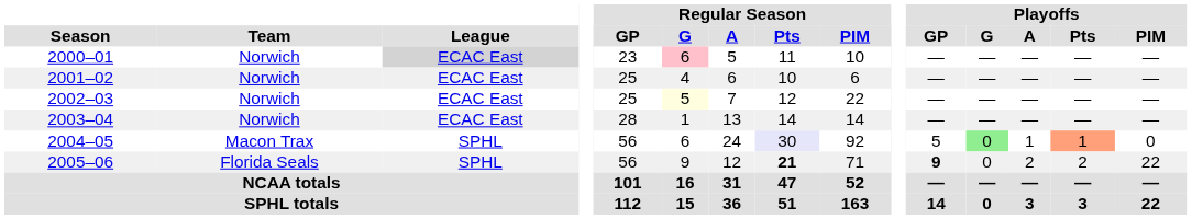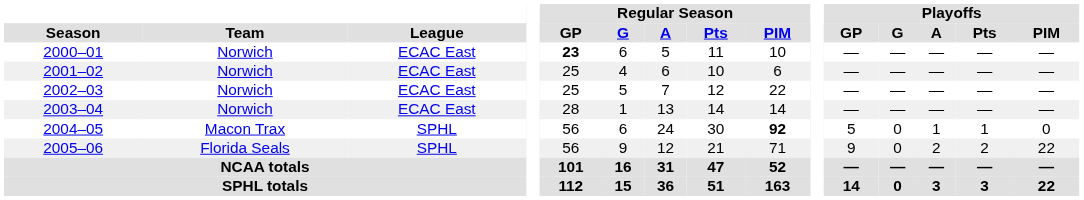 <table border="0" cellpadding="1" cellspacing="0" style="text-align:center; width:70em">
 <tr bgcolor="#e0e0e0">
 <th colspan="3"  bgcolor="#ffffff"> </th>
 <th rowspan="99" bgcolor="#ffffff"> </th>
 <th colspan="5">Regular Season</th>
 <th rowspan="99" bgcolor="#ffffff"> </th>
 <th colspan="5">Playoffs</th>
 </tr>
 <tr bgcolor="#e0e0e0">
 <th>Season</th>
 <th>Team</th>
 <th>League</th>
 <th>GP</th>
 <th><a href='#'>G</a></th>
 <th><a href='#'>A</a></th>
 <th><a href='#'>Pts</a></th>
 <th><a href='#'>PIM</a></th>
 <th>GP</th>
 <th>G</th>
 <th>A</th>
 <th>Pts</th>
 <th>PIM</th>
 </tr>
 <tr>
 <td><a href='#'>2000–01</a></td>
 <td><a href='#'>Norwich</a></td>
-<td style="background: lightgrey;"><a href='#'>ECAC East</a></td>
-<td>23</td>
-<td style="background: pink;">6</td>
+<td><a href='#'>ECAC East</a></td>
+<td><strong>23</strong></td>
+<td>6</td>
 <td>5</td>
 <td>11</td>
 <td>10</td>
 <td>—</td>
 <td>—</td>
 <td>—</td>
 <td>—</td>
 <td>—</td>
 </tr>
 <tr bgcolor="f0f0f0">
 <td><a href='#'>2001–02</a></td>
 <td><a href='#'>Norwich</a></td>
 <td><a href='#'>ECAC East</a></td>
 <td>25</td>
 <td>4</td>
 <td>6</td>
 <td>10</td>
 <td>6</td>
 <td>—</td>
 <td>—</td>
 <td>—</td>
 <td>—</td>
 <td>—</td>
 </tr>
 <tr>
 <td><a href='#'>2002–03</a></td>
 <td><a href='#'>Norwich</a></td>
 <td><a href='#'>ECAC East</a></td>
 <td>25</td>
-<td style="background: lightyellow;">5</td>
+<td>5</td>
 <td>7</td>
 <td>12</td>
 <td>22</td>
 <td>—</td>
 <td>—</td>
 <td>—</td>
 <td>—</td>
 <td>—</td>
 </tr>
 <tr bgcolor="f0f0f0">
 <td><a href='#'>2003–04</a></td>
 <td><a href='#'>Norwich</a></td>
 <td><a href='#'>ECAC East</a></td>
 <td>28</td>
 <td>1</td>
 <td>13</td>
 <td>14</td>
 <td>14</td>
 <td>—</td>
 <td>—</td>
 <td>—</td>
 <td>—</td>
 <td>—</td>
 </tr>
 <tr>
 <td><a href='#'>2004–05</a></td>
 <td><a href='#'>Macon Trax</a></td>
 <td><a href='#'>SPHL</a></td>
 <td>56</td>
 <td>6</td>
 <td>24</td>
-<td style="background: lavender;">30</td>
-<td>92</td>
+<td>30</td>
+<td><strong>92</strong></td>
 <td>5</td>
-<td style="background: lightgreen;">0</td>
+<td>0</td>
 <td>1</td>
-<td style="background: lightsalmon;">1</td>
+<td>1</td>
 <td>0</td>
 </tr>
 <tr bgcolor="f0f0f0">
 <td><a href='#'>2005–06</a></td>
 <td><a href='#'>Florida Seals</a></td>
 <td><a href='#'>SPHL</a></td>
 <td>56</td>
 <td>9</td>
 <td>12</td>
-<td><strong>21</strong></td>
+<td>21</td>
 <td>71</td>
-<td><strong>9</strong></td>
+<td>9</td>
 <td>0</td>
 <td>2</td>
 <td>2</td>
 <td>22</td>
 </tr>
 <tr bgcolor="#e0e0e0">
 <th colspan="3">NCAA totals</th>
 <th>101</th>
 <th>16</th>
 <th>31</th>
 <th>47</th>
 <th>52</th>
 <th>—</th>
 <th>—</th>
 <th>—</th>
 <th>—</th>
 <th>—</th>
 </tr>
 <tr bgcolor="#e0e0e0">
 <th colspan="3">SPHL totals</th>
 <th>112</th>
 <th>15</th>
 <th>36</th>
 <th>51</th>
 <th>163</th>
 <th>14</th>
 <th>0</th>
 <th>3</th>
 <th>3</th>
 <th>22</th>
 </tr>
 </table>
